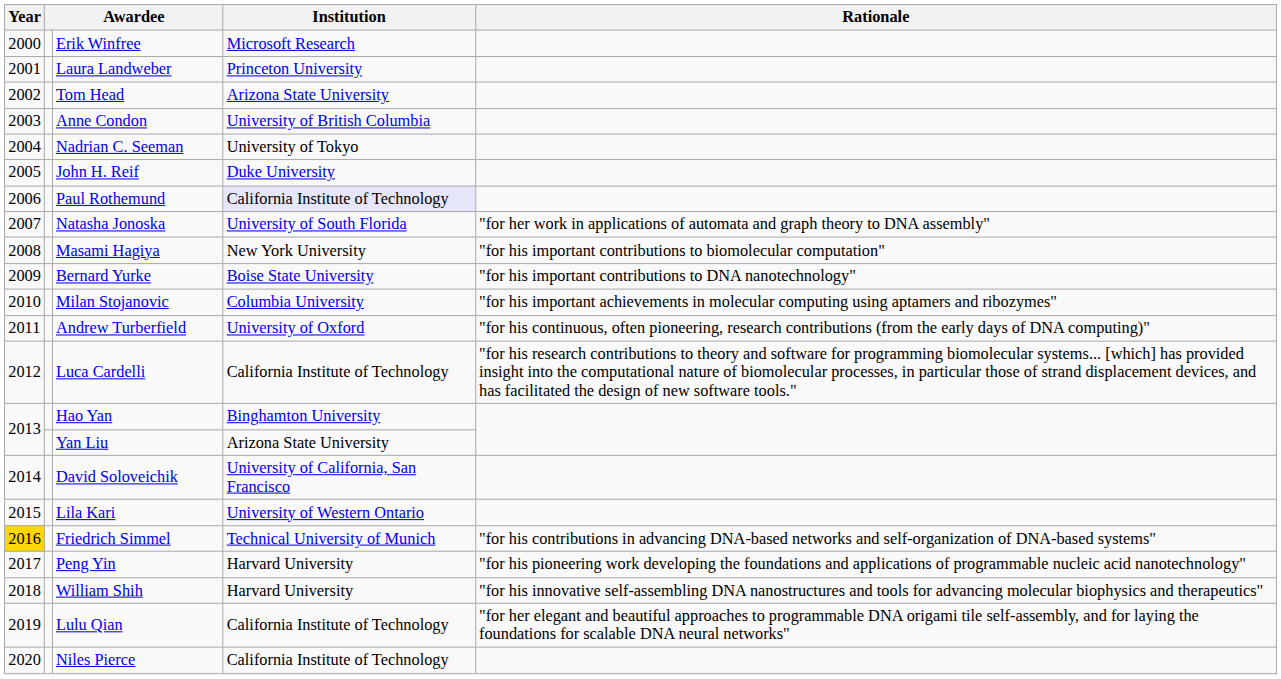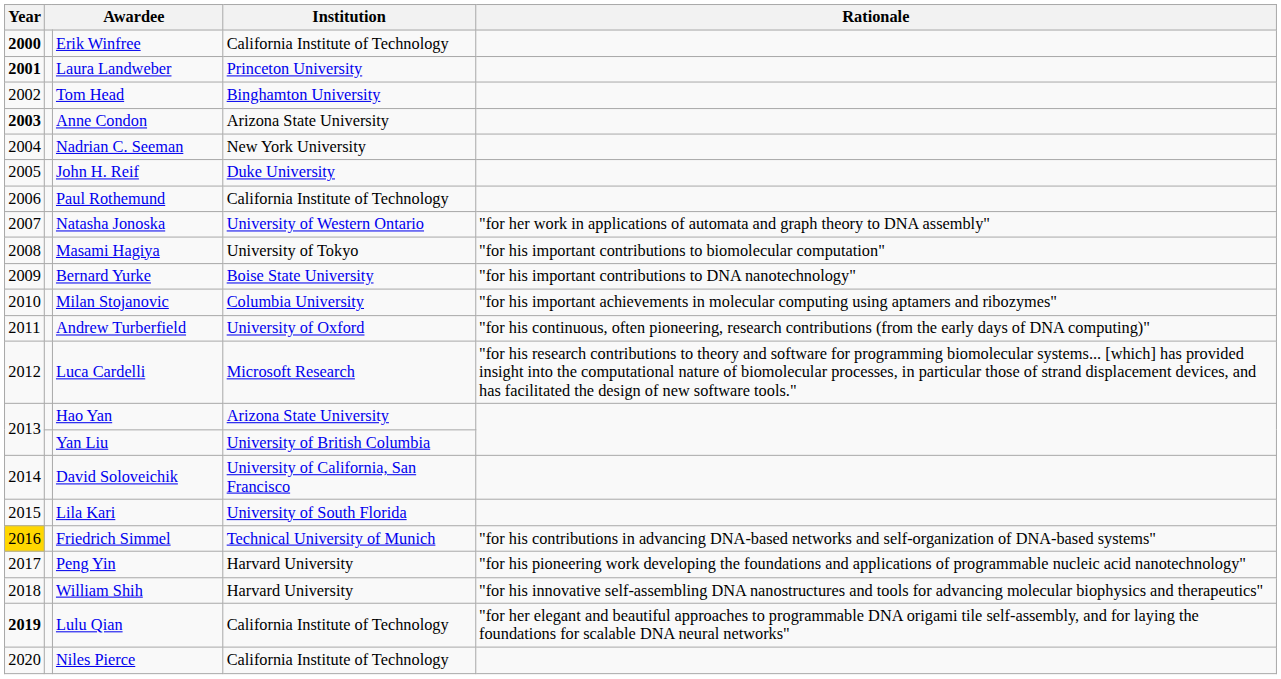 <table class="wikitable">
 <tr>
 <th>Year</th>
 <th colspan=2>Awardee</th>
 <th>Institution</th>
 <th>Rationale</th>
 </tr>
 <tr>
-<td>2000</td>
+<td><strong>2000</strong></td>
 <td></td>
 <td style="width:10em;"><a href='#'>Erik Winfree</a></td>
-<td><a href='#'>Microsoft Research</a></td>
+<td style="width:15em;">California Institute of Technology</td>
 <td></td>
 </tr>
 <tr>
-<td>2001</td>
+<td><strong>2001</strong></td>
 <td></td>
 <td><a href='#'>Laura Landweber</a></td>
 <td><a href='#'>Princeton University</a></td>
 <td></td>
 </tr>
 <tr>
 <td>2002</td>
 <td></td>
 <td><a href='#'>Tom Head</a></td>
-<td><a href='#'>Arizona State University</a></td>
+<td><a href='#'>Binghamton University</a></td>
 <td></td>
 </tr>
 <tr>
-<td>2003</td>
+<td><strong>2003</strong></td>
 <td></td>
 <td><a href='#'>Anne Condon</a></td>
-<td><a href='#'>University of British Columbia</a></td>
+<td>Arizona State University</td>
 <td></td>
 </tr>
 <tr>
 <td>2004</td>
 <td></td>
 <td><a href='#'>Nadrian C. Seeman</a></td>
-<td>University of Tokyo</td>
+<td>New York University</td>
 <td></td>
 </tr>
 <tr>
 <td>2005</td>
 <td></td>
 <td><a href='#'>John H. Reif</a></td>
 <td><a href='#'>Duke University</a></td>
 <td></td>
 </tr>
 <tr>
 <td>2006</td>
 <td></td>
 <td><a href='#'>Paul Rothemund</a></td>
-<td style="background: lavender;">California Institute of Technology</td>
+<td>California Institute of Technology</td>
 <td></td>
 </tr>
 <tr>
 <td>2007</td>
 <td></td>
 <td><a href='#'>Natasha Jonoska</a></td>
-<td><a href='#'>University of South Florida</a></td>
+<td><a href='#'>University of Western Ontario</a></td>
 <td>"for her work in applications of automata and graph theory to DNA assembly"</td>
 </tr>
 <tr>
 <td>2008</td>
 <td></td>
 <td><a href='#'>Masami Hagiya</a></td>
-<td>New York University</td>
+<td>University of Tokyo</td>
 <td>"for his important contributions to biomolecular computation"</td>
 </tr>
 <tr>
 <td>2009</td>
 <td></td>
 <td><a href='#'>Bernard Yurke</a></td>
 <td><a href='#'>Boise State University</a></td>
 <td>"for his important contributions to DNA nanotechnology"</td>
 </tr>
 <tr>
 <td>2010</td>
 <td></td>
 <td><a href='#'>Milan Stojanovic</a></td>
 <td><a href='#'>Columbia University</a></td>
 <td>"for his important achievements in molecular computing using aptamers and ribozymes"</td>
 </tr>
 <tr>
 <td>2011</td>
 <td></td>
 <td><a href='#'>Andrew Turberfield</a></td>
 <td><a href='#'>University of Oxford</a></td>
 <td>"for his continuous, often pioneering, research contributions (from the early days of DNA computing)"</td>
 </tr>
 <tr>
 <td>2012</td>
 <td></td>
 <td><a href='#'>Luca Cardelli</a></td>
-<td style="width:15em;">California Institute of Technology</td>
+<td><a href='#'>Microsoft Research</a></td>
 <td>"for his research contributions to theory and software for programming biomolecular systems... [which] has provided insight into the computational nature of biomolecular processes, in particular those of strand displacement devices, and has facilitated the design of new software tools."</td>
 </tr>
 <tr>
 <td rowspan=2>2013</td>
 <td></td>
 <td><a href='#'>Hao Yan</a></td>
-<td><a href='#'>Binghamton University</a></td>
+<td><a href='#'>Arizona State University</a></td>
 <td rowspan=2></td>
 </tr>
 <tr>
 <td></td>
 <td><a href='#'>Yan Liu</a></td>
-<td>Arizona State University</td>
+<td><a href='#'>University of British Columbia</a></td>
 </tr>
 <tr>
 <td>2014</td>
 <td></td>
 <td><a href='#'>David Soloveichik</a></td>
 <td><a href='#'>University of California, San Francisco</a></td>
 <td></td>
 </tr>
 <tr>
 <td>2015</td>
 <td></td>
 <td><a href='#'>Lila Kari</a></td>
-<td><a href='#'>University of Western Ontario</a></td>
+<td><a href='#'>University of South Florida</a></td>
 <td></td>
 </tr>
 <tr>
 <td style="background: gold;">2016</td>
 <td></td>
 <td><a href='#'>Friedrich Simmel</a></td>
 <td><a href='#'>Technical University of Munich</a></td>
 <td>"for his contributions in advancing DNA-based networks and self-organization of DNA-based systems"</td>
 </tr>
 <tr>
 <td>2017</td>
 <td></td>
 <td><a href='#'>Peng Yin</a></td>
 <td>Harvard University</td>
 <td>"for his pioneering work developing the foundations and applications of programmable nucleic acid nanotechnology"</td>
 </tr>
 <tr>
 <td>2018</td>
 <td></td>
 <td><a href='#'>William Shih</a></td>
 <td>Harvard University</td>
 <td>"for his innovative self-assembling DNA nanostructures and tools for advancing molecular biophysics and therapeutics"</td>
 </tr>
 <tr>
-<td>2019</td>
+<td><strong>2019</strong></td>
 <td></td>
 <td><a href='#'>Lulu Qian</a></td>
 <td>California Institute of Technology</td>
 <td>"for her elegant and beautiful approaches to programmable DNA origami tile self-assembly, and for laying the foundations for scalable DNA neural networks"</td>
 </tr>
 <tr>
 <td>2020</td>
 <td></td>
 <td><a href='#'>Niles Pierce</a></td>
 <td>California Institute of Technology</td>
 <td></td>
 </tr>
 </table>
